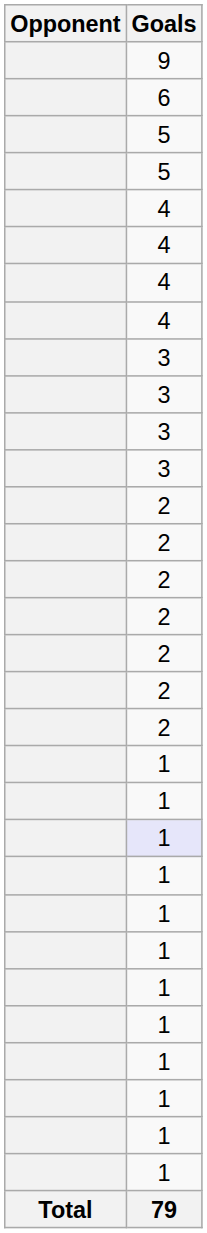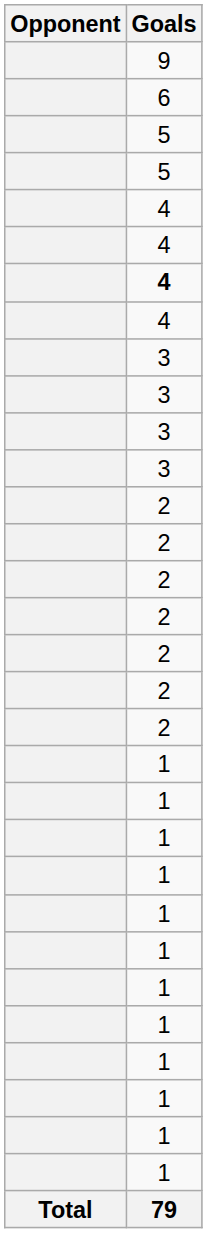 <table class="wikitable plainrowheaders sortable" style="text-align:center; font-size:95%">
 <tr>
 <th scope="col">Opponent</th>
 <th scope="col">Goals</th>
 </tr>
 <tr>
 <th scope="row"></th>
 <td>9</td>
 </tr>
 <tr>
 <th scope="row"></th>
 <td>6</td>
 </tr>
 <tr>
 <th scope="row"></th>
 <td>5</td>
 </tr>
 <tr>
 <th scope="row"></th>
 <td>5</td>
 </tr>
 <tr>
 <th scope="row"></th>
 <td>4</td>
 </tr>
 <tr>
 <th scope="row"></th>
 <td>4</td>
 </tr>
 <tr>
 <th scope="row"></th>
-<td>4</td>
+<td><strong>4</strong></td>
 </tr>
 <tr>
 <th scope="row"></th>
 <td>4</td>
 </tr>
 <tr>
 <th scope="row"></th>
 <td>3</td>
 </tr>
 <tr>
 <th scope="row"></th>
 <td>3</td>
 </tr>
 <tr>
 <th scope="row"></th>
 <td>3</td>
 </tr>
 <tr>
 <th scope="row"></th>
 <td>3</td>
 </tr>
 <tr>
 <th scope="row"></th>
 <td>2</td>
 </tr>
 <tr>
 <th scope="row"></th>
 <td>2</td>
 </tr>
 <tr>
 <th scope="row"></th>
 <td>2</td>
 </tr>
 <tr>
 <th scope="row"></th>
 <td>2</td>
 </tr>
 <tr>
 <th scope="row"></th>
 <td>2</td>
 </tr>
 <tr>
 <th scope="row"></th>
 <td>2</td>
 </tr>
 <tr>
 <th scope="row"></th>
 <td>2</td>
 </tr>
 <tr>
 <th scope="row"></th>
 <td>1</td>
 </tr>
 <tr>
 <th scope="row"></th>
 <td>1</td>
 </tr>
 <tr>
 <th scope="row"></th>
-<td style="background: lavender;">1</td>
+<td>1</td>
 </tr>
 <tr>
 <th scope="row"></th>
 <td>1</td>
 </tr>
 <tr>
 <th scope="row"></th>
 <td>1</td>
 </tr>
 <tr>
 <th scope="row"></th>
 <td>1</td>
 </tr>
 <tr>
 <th scope="row"></th>
 <td>1</td>
 </tr>
 <tr>
 <th scope="row"></th>
 <td>1</td>
 </tr>
 <tr>
 <th scope="row"></th>
 <td>1</td>
 </tr>
 <tr>
 <th scope="row"></th>
 <td>1</td>
 </tr>
 <tr>
 <th scope="row"></th>
 <td>1</td>
 </tr>
 <tr>
 <th scope="row"></th>
 <td>1</td>
 </tr>
 <tr>
 <th>Total</th>
 <th>79</th>
 </tr>
 </table>
